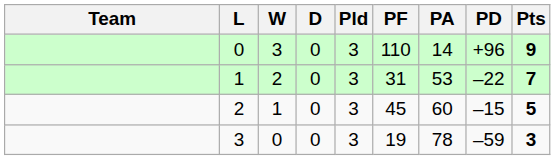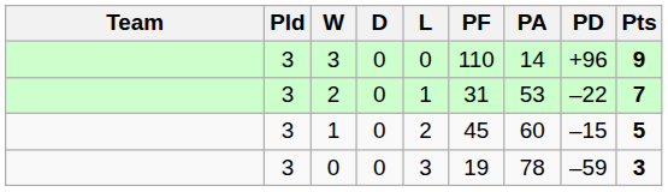 <table class="wikitable" style="text-align:center;">
 <tr>
 <th width=175>Team</th>
-<th width=25 abbr="Lost">L</th>
+<th width=25 abbr="Played">Pld</th>
 <th width=25 abbr="Won">W</th>
 <th width=25 abbr="Drawn">D</th>
-<th width=25 abbr="Played">Pld</th>
+<th width=25 abbr="Lost">L</th>
 <th width=32 abbr="Points for">PF</th>
 <th width=32 abbr="Points against">PA</th>
 <th width=32 abbr="Points difference">PD</th>
 <th width=25 abbr="Points">Pts</th>
 </tr>
 <tr bgcolor=ccffcc>
 <td align=left></td>
-<td>0</td>
+<td>3</td>
 <td>3</td>
 <td>0</td>
-<td>3</td>
+<td>0</td>
 <td>110</td>
 <td>14</td>
 <td>+96</td>
 <td><strong>9</strong></td>
 </tr>
 <tr bgcolor=ccffcc>
 <td align=left></td>
-<td>1</td>
+<td>3</td>
 <td>2</td>
 <td>0</td>
-<td>3</td>
+<td>1</td>
 <td>31</td>
 <td>53</td>
 <td>–22</td>
 <td><strong>7</strong></td>
 </tr>
 <tr>
 <td align=left></td>
-<td>2</td>
+<td>3</td>
 <td>1</td>
 <td>0</td>
-<td>3</td>
+<td>2</td>
 <td>45</td>
 <td>60</td>
 <td>–15</td>
 <td><strong>5</strong></td>
 </tr>
 <tr>
 <td align=left></td>
 <td>3</td>
 <td>0</td>
 <td>0</td>
 <td>3</td>
 <td>19</td>
 <td>78</td>
 <td>–59</td>
 <td><strong>3</strong></td>
 </tr>
 </table>
